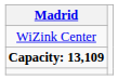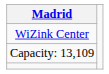 <table class="wikitable" style="margin:1em auto; text-align:center">
 <tr>
 <th><a href='#'>Madrid</a></th>
 <td rowspan=4></td>
 </tr>
 <tr>
 <td><a href='#'>WiZink Center</a></td>
 </tr>
 <tr>
-<td><strong>Capacity: 13,109</strong></td>
+<td>Capacity: 13,109</td>
 </tr>
 <tr>
 <td></td>
 </tr>
 </table>
